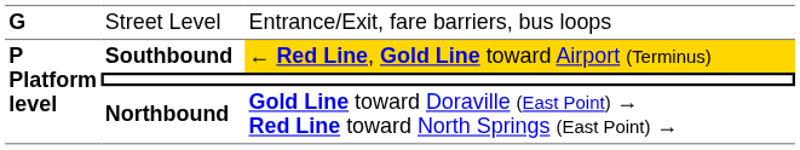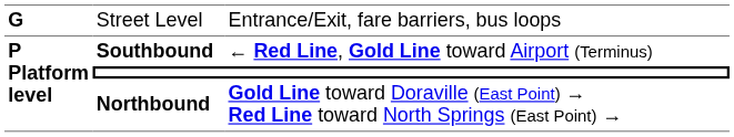 <table table border=0 cellspacing=0 cellpadding=3>
 <tr>
 <td style="border-top:solid 1px gray;" width=50 valign=top><strong>G</strong></td>
 <td style="border-top:solid 1px gray;" width=100 valign=top>Street Level</td>
 <td style="border-top:solid 1px gray;" width=400 valign=top>Entrance/Exit, fare barriers, bus loops</td>
 </tr>
 <tr>
 <td style="border-top:solid 1px gray;border-bottom:solid 1px gray;" width=50 rowspan=3 valign=top><strong>P<br>Platform level</strong></td>
 <td style="border-top:solid 1px gray;"><strong>Southbound</strong></td>
-<td style="background: gold; border-top:solid 1px gray;">← <a href='#'><span><strong>Red Line</strong></span></a>, <a href='#'><span><strong>Gold Line</strong></span></a> toward <a href='#'>Airport</a> <small>(Terminus)</small></td>
+<td style="border-top:solid 1px gray;">← <a href='#'><span><strong>Red Line</strong></span></a>, <a href='#'><span><strong>Gold Line</strong></span></a> toward <a href='#'>Airport</a> <small>(Terminus)</small></td>
 </tr>
 <tr>
 <td style="border-top:solid 2px black;border-right:solid 2px black;border-left:solid 2px black;border-bottom:solid 2px black;text-align:center;" colspan=2></td>
 </tr>
 <tr>
 <td style="border-bottom:solid 1px gray;"><strong>Northbound</strong></td>
 <td style="border-bottom:solid 1px gray;"> <a href='#'><span><strong>Gold Line</strong></span></a> toward <a href='#'>Doraville</a> <small>(<a href='#'>East Point</a>)</small> →<br> <a href='#'><span><strong>Red Line</strong></span></a> toward <a href='#'>North Springs</a> <small>(East Point)</small> →</td>
 </tr>
 </table>
